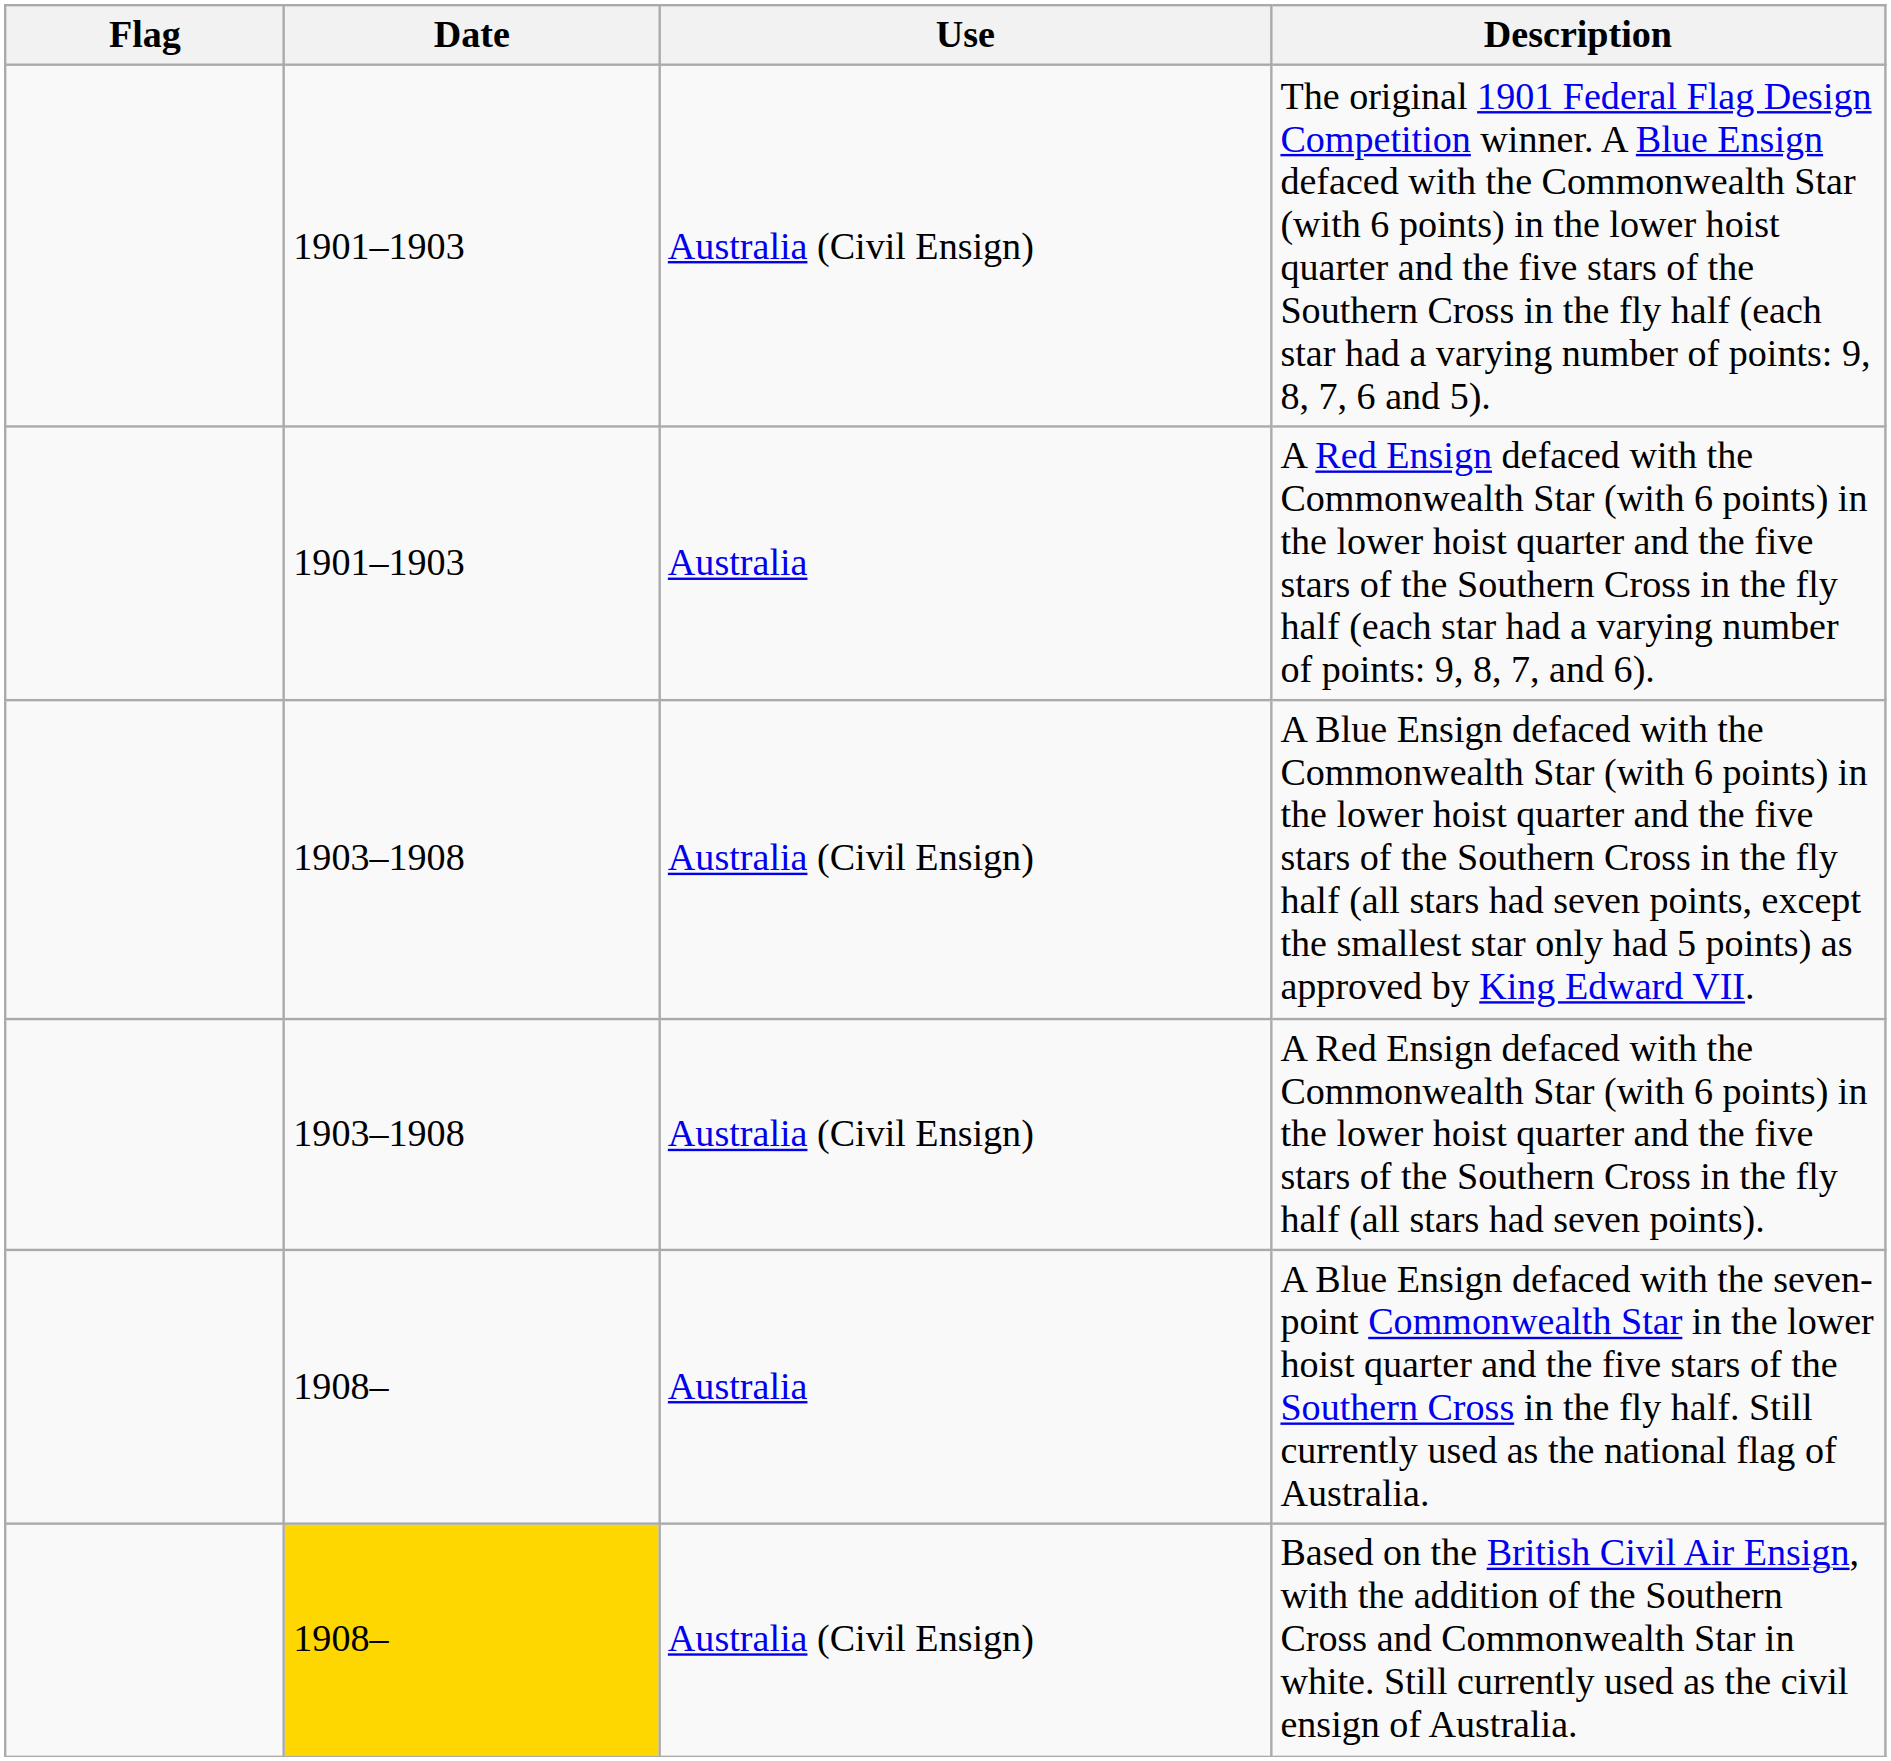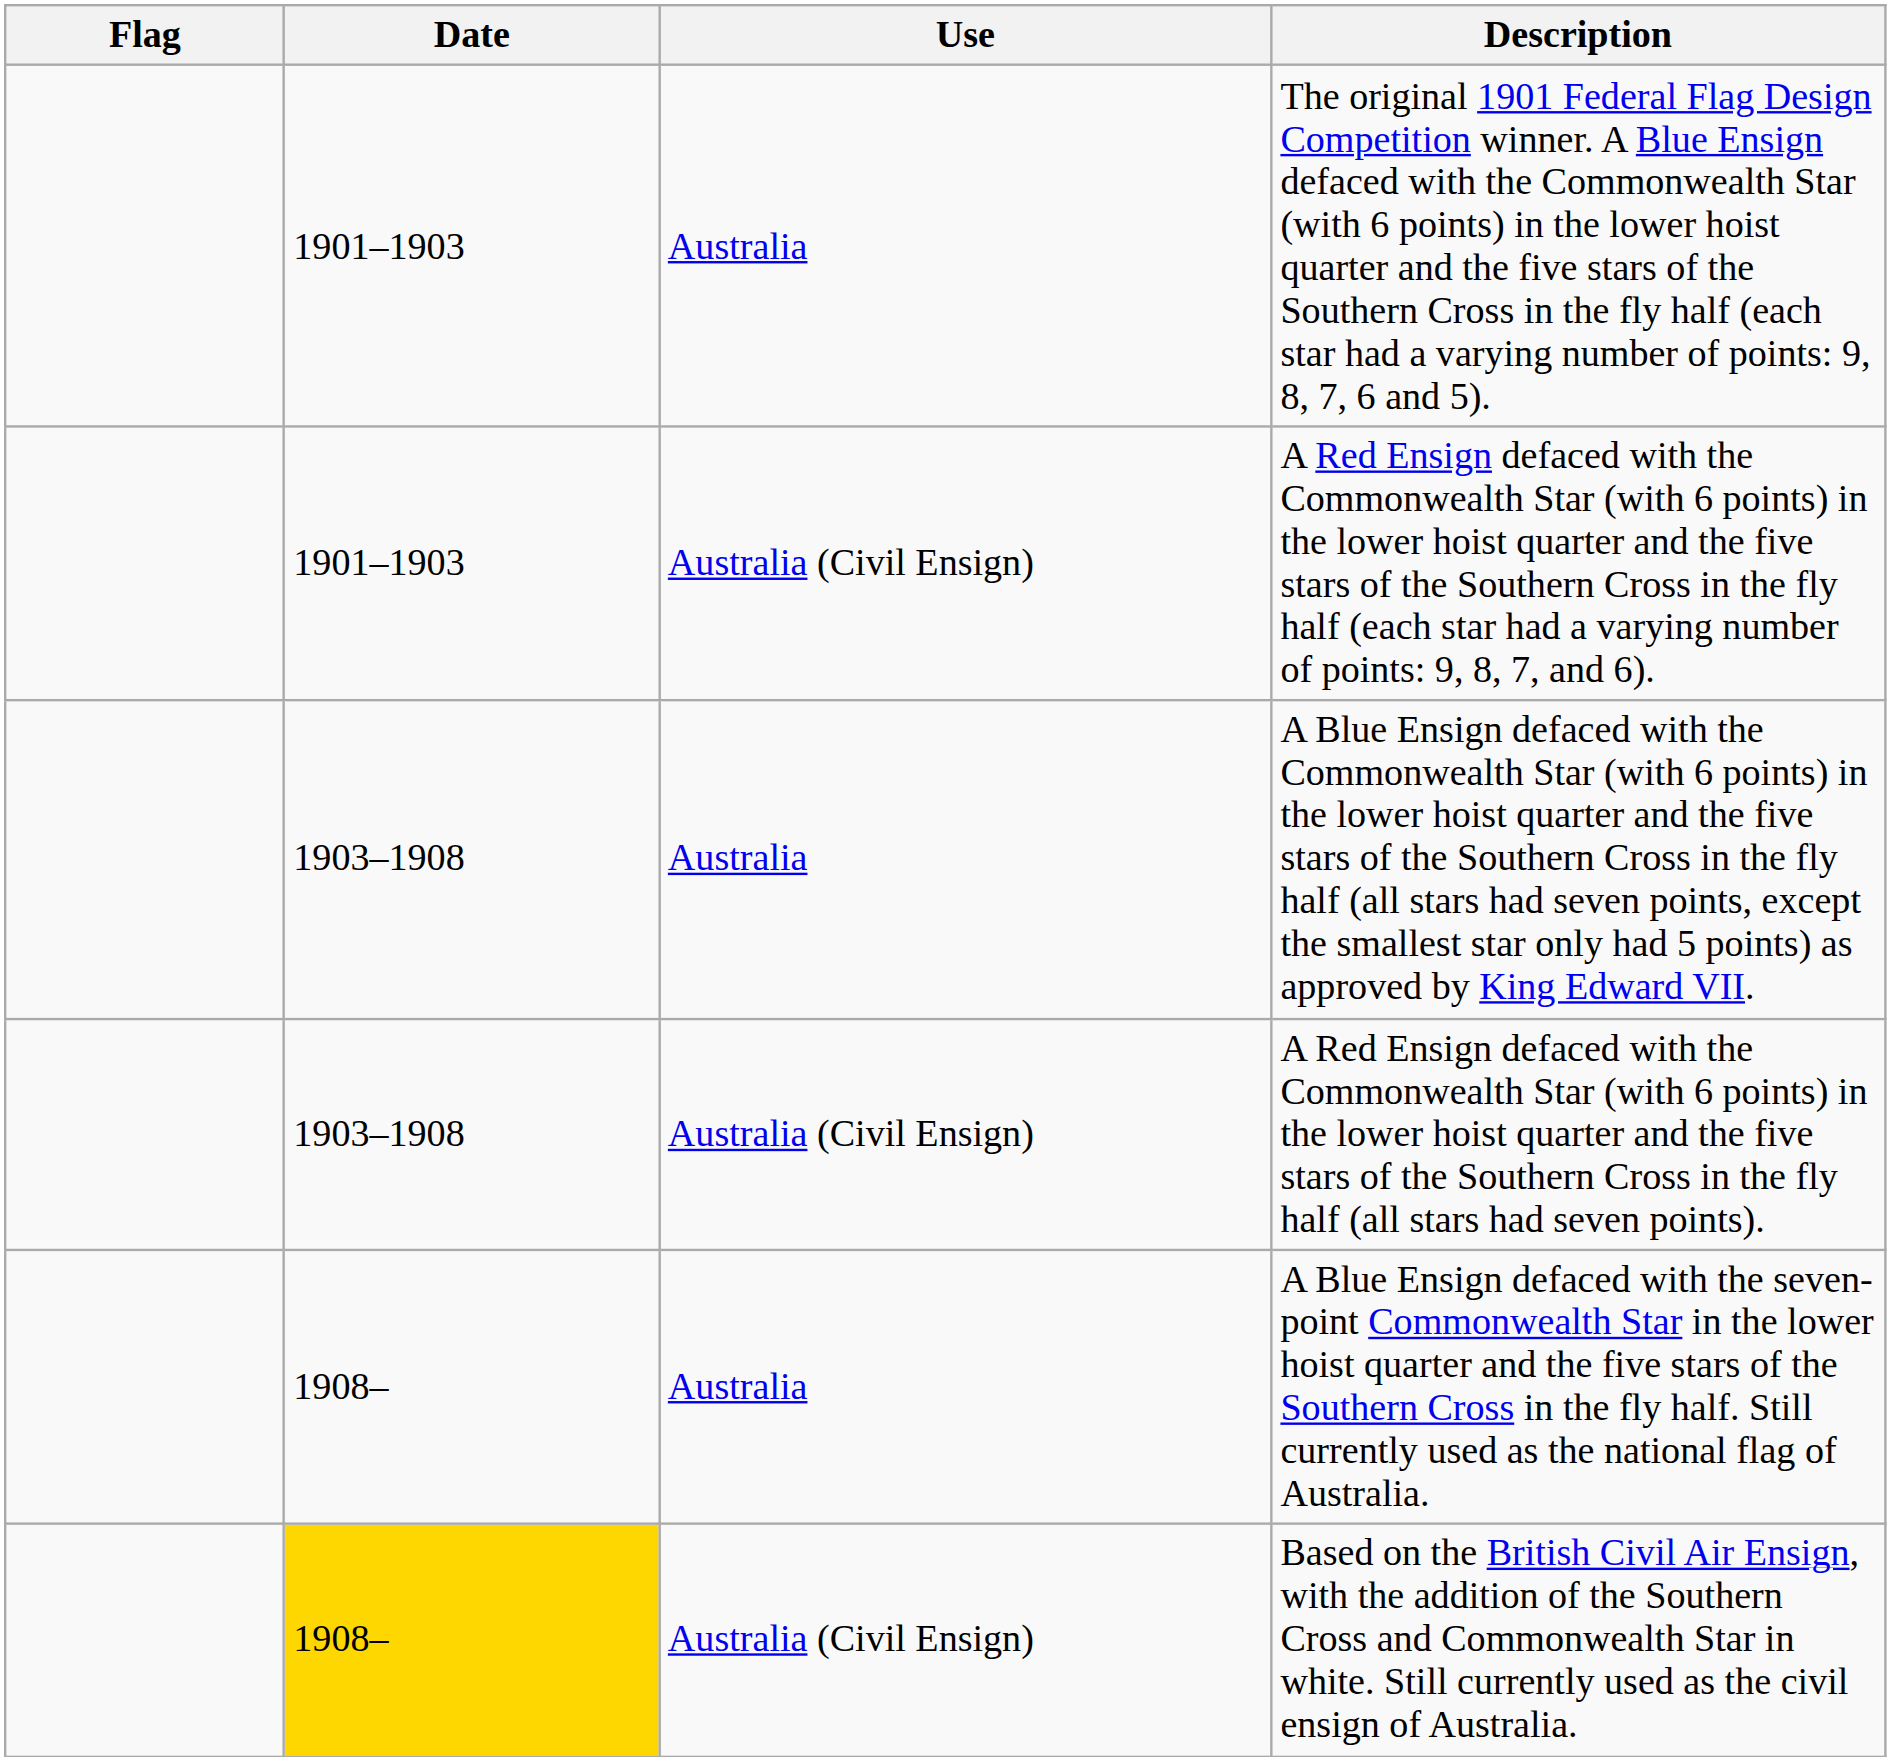 <table class="wikitable">
 <tr style="background:#efefef;">
 <th style="width:110px;">Flag</th>
 <th style="width:150px;">Date</th>
 <th style="width:250px;">Use</th>
 <th style="width:250px;">Description</th>
 </tr>
 <tr>
 <td></td>
 <td>1901–1903</td>
-<td><a href='#'>Australia</a> (Civil Ensign)</td>
+<td><a href='#'>Australia</a></td>
 <td>The original <a href='#'>1901 Federal Flag Design Competition</a> winner. A <a href='#'>Blue Ensign</a> defaced with the Commonwealth Star (with 6 points) in the lower hoist quarter and the five stars of the Southern Cross in the fly half (each star had a varying number of points: 9, 8, 7, 6 and 5).</td>
 </tr>
 <tr>
 <td></td>
 <td>1901–1903</td>
-<td><a href='#'>Australia</a></td>
+<td><a href='#'>Australia</a> (Civil Ensign)</td>
 <td>A <a href='#'>Red Ensign</a> defaced with the Commonwealth Star (with 6 points) in the lower hoist quarter and the five stars of the Southern Cross in the fly half (each star had a varying number of points: 9, 8, 7, and 6).</td>
 </tr>
 <tr>
 <td></td>
 <td>1903–1908</td>
-<td><a href='#'>Australia</a> (Civil Ensign)</td>
+<td><a href='#'>Australia</a></td>
 <td>A Blue Ensign defaced with the Commonwealth Star (with 6 points) in the lower hoist quarter and the five stars of the Southern Cross in the fly half (all stars had seven points, except the smallest star only had 5 points) as approved by <a href='#'>King Edward VII</a>.</td>
 </tr>
 <tr>
 <td></td>
 <td>1903–1908</td>
 <td><a href='#'>Australia</a> (Civil Ensign)</td>
 <td>A Red Ensign defaced with the Commonwealth Star (with 6 points) in the lower hoist quarter and the five stars of the Southern Cross in the fly half (all stars had seven points).</td>
 </tr>
 <tr>
 <td></td>
 <td>1908–</td>
 <td><a href='#'>Australia</a></td>
 <td>A Blue Ensign defaced with the seven-point <a href='#'>Commonwealth Star</a> in the lower hoist quarter and the five stars of the <a href='#'>Southern Cross</a> in the fly half. Still currently used as the national flag of Australia.</td>
 </tr>
 <tr>
 <td></td>
 <td style="background: gold;">1908–</td>
 <td><a href='#'>Australia</a> (Civil Ensign)</td>
 <td>Based on the <a href='#'>British Civil Air Ensign</a>, with the addition of the Southern Cross and Commonwealth Star in white. Still currently used as the civil ensign of Australia.</td>
 </tr>
 </table>
